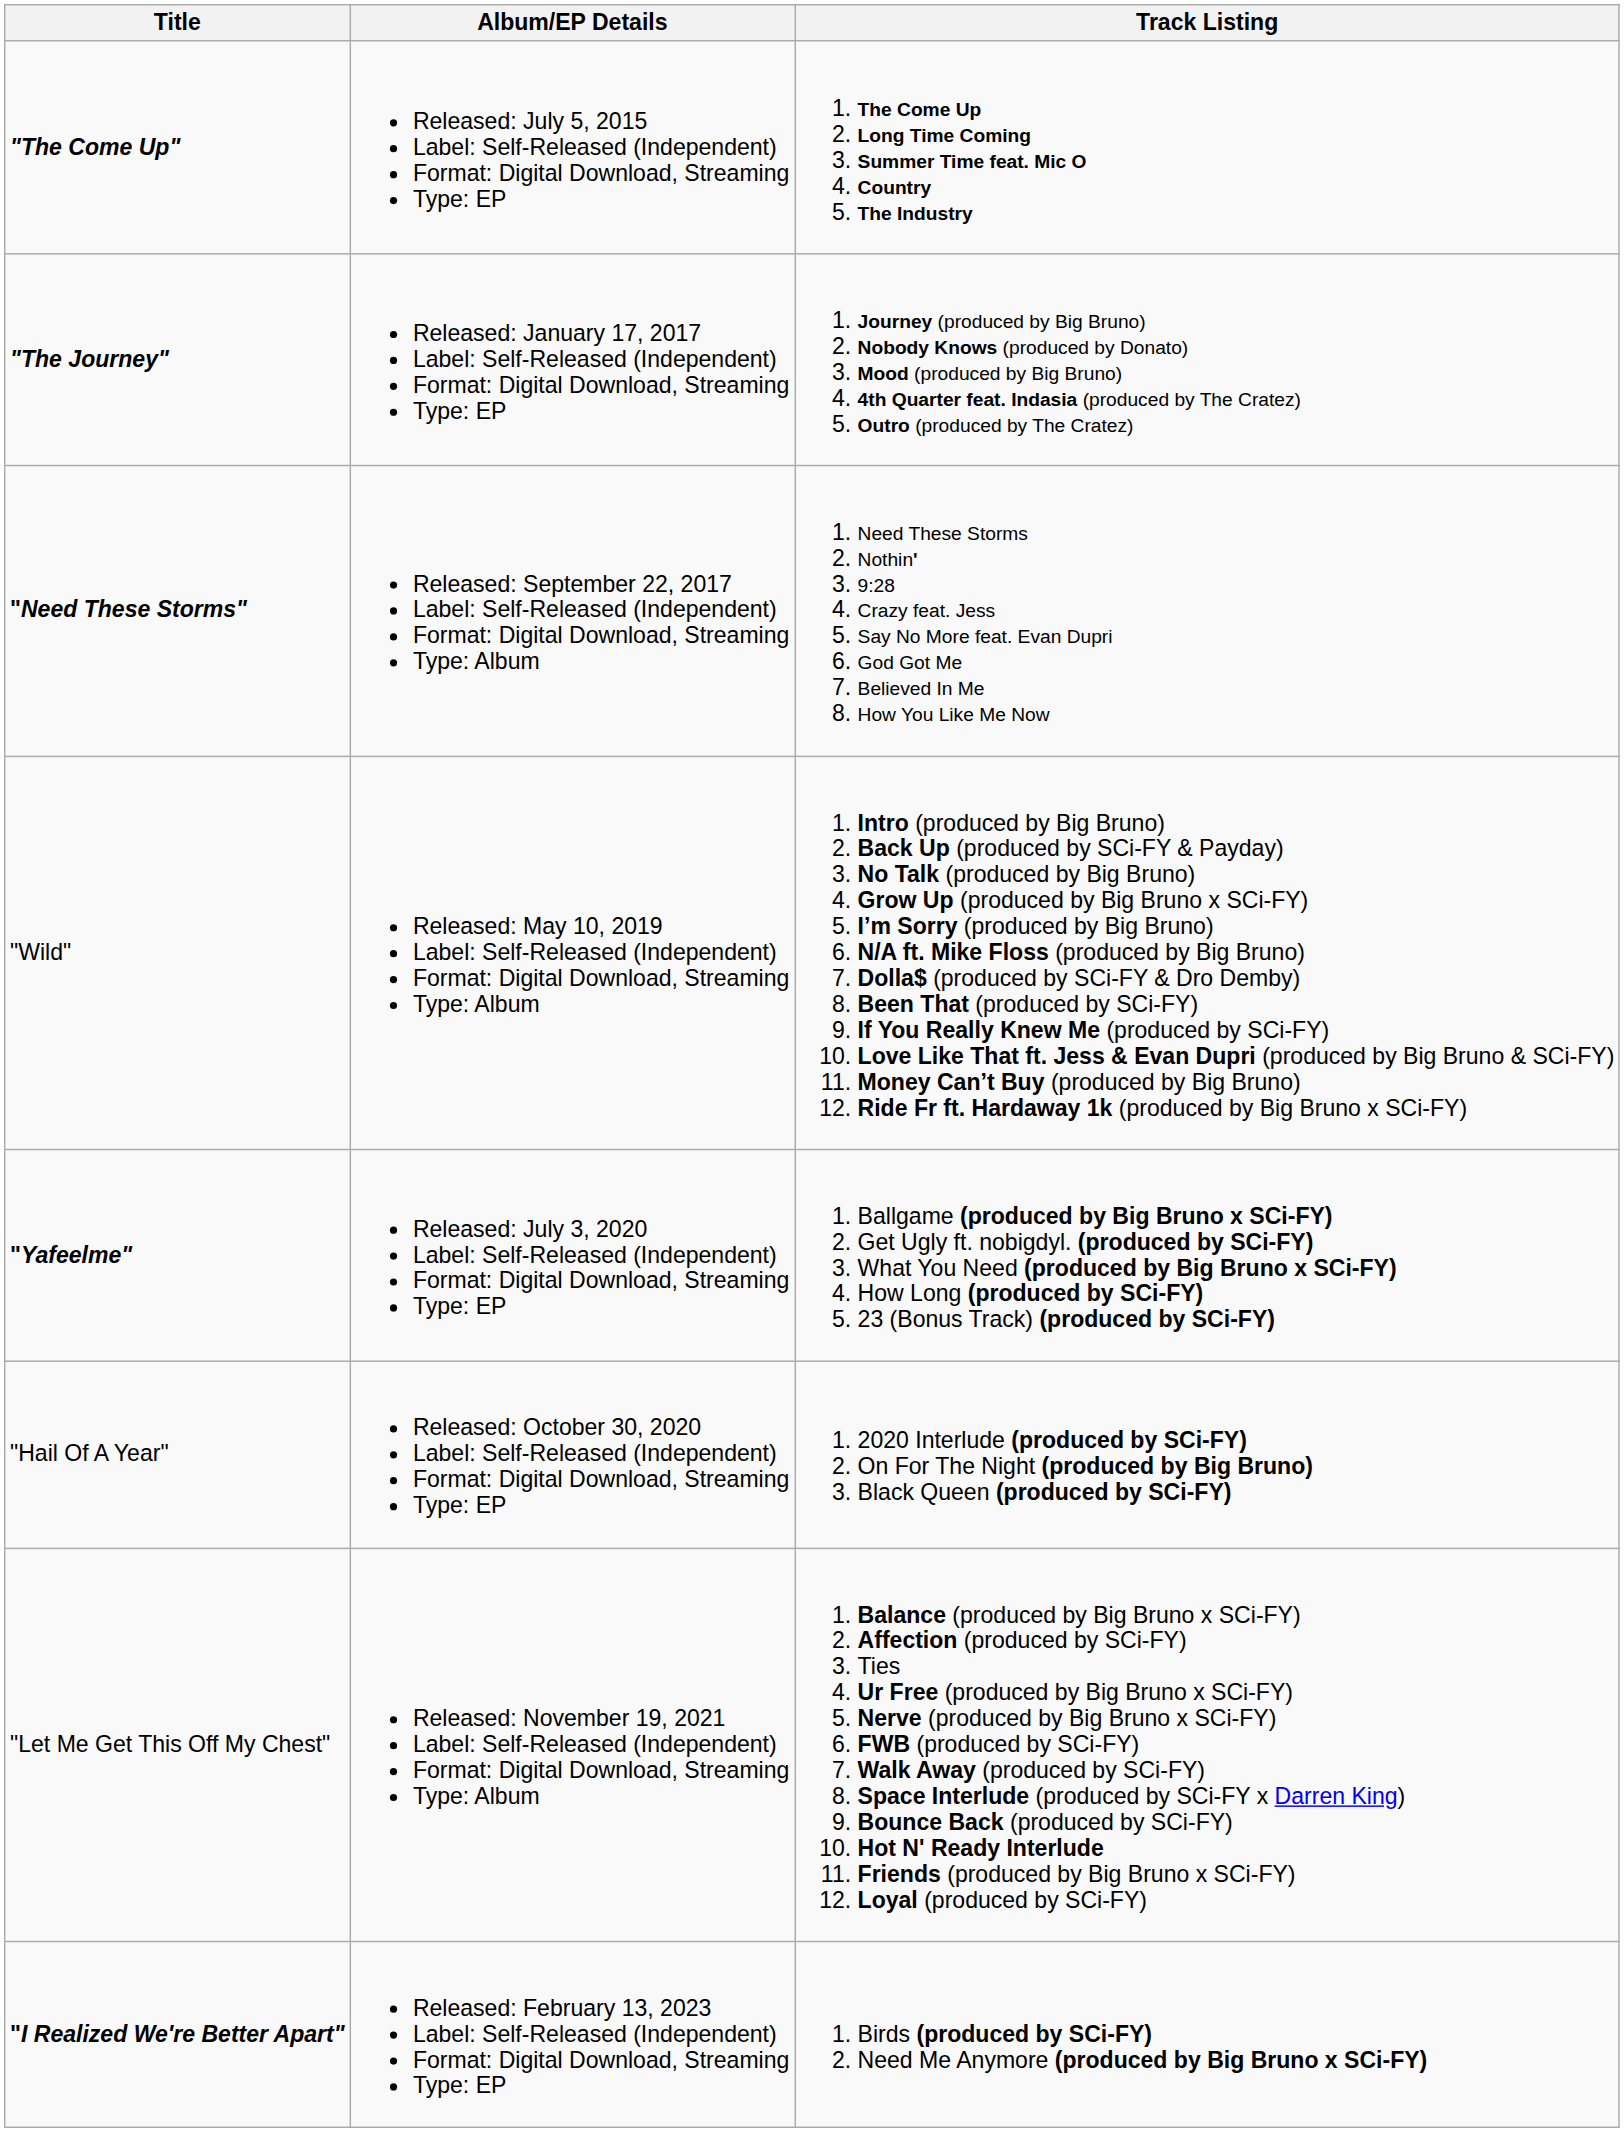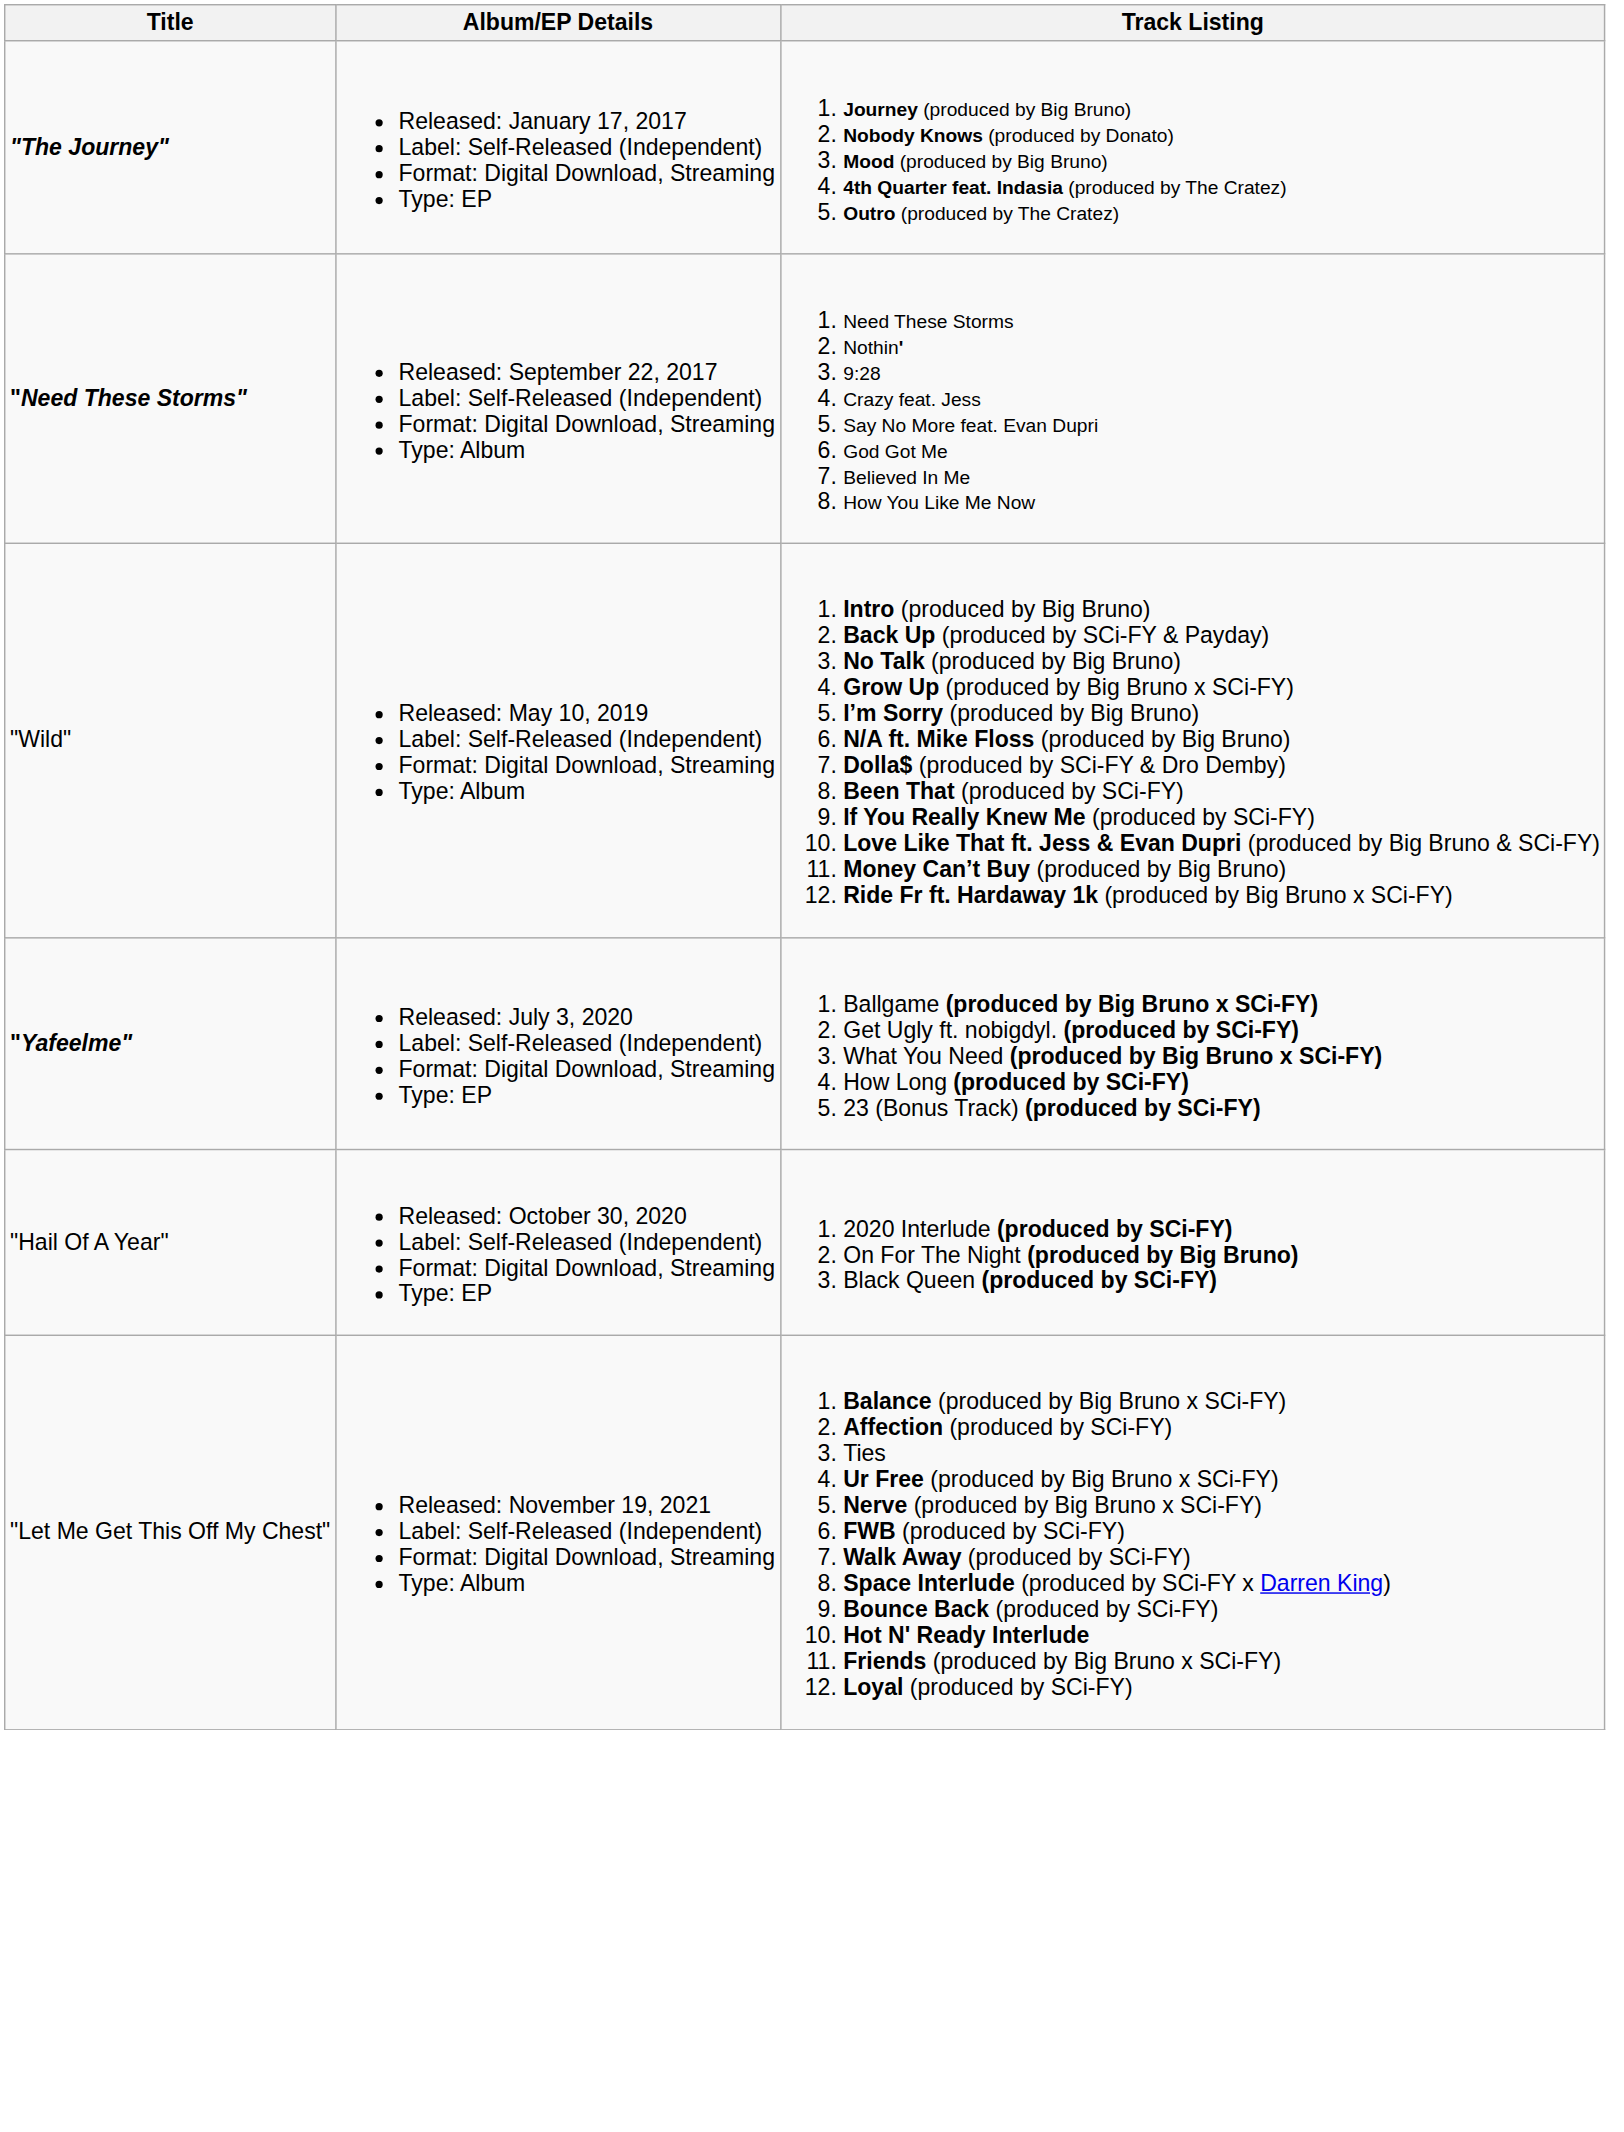 <table class="wikitable">
 <tr>
 <th>Title</th>
 <th>Album/EP Details</th>
 <th>Track Listing</th>
-</tr>
-<tr>
-<td><strong><em>"The Come Up"</em></strong></td>
-<td><br><ul><li>Released: July 5, 2015</li><li>Label: Self-Released (Independent)</li><li>Format: Digital Download, Streaming</li><li>Type: EP</li></ul></td>
-<td><br><ol><li><small><strong>The Come Up</strong></small></li><li><small><strong>Long Time Coming</strong></small></li><li><small><strong>Summer Time feat. Mic O</strong></small></li><li><small><strong>Country</strong></small></li><li><small><strong>The Industry</strong></small></li></ol></td>
 </tr>
 <tr>
 <td><strong><em>"The Journey"</em></strong></td>
 <td><br><ul><li>Released: January 17, 2017</li><li>Label: Self-Released (Independent)</li><li>Format: Digital Download, Streaming</li><li>Type: EP</li></ul></td>
 <td><br><ol><li><small><strong>Journey</strong> (produced by Big Bruno)</small></li><li><small><strong>Nobody Knows</strong> (produced by Donato)</small></li><li><small><strong>Mood</strong> (produced by Big Bruno)</small></li><li><small><strong>4th Quarter feat. Indasia</strong> (produced by The Cratez)</small></li><li><small><strong>Outro</strong> (produced by The Cratez)</small></li></ol></td>
 </tr>
 <tr>
 <td><strong>"<em>Need These Storms"<strong><em></td>
 <td><br><ul><li>Released: September 22, 2017</li><li>Label: Self-Released (Independent)</li><li>Format: Digital Download, Streaming</li><li>Type: Album</li></ul></td>
 <td><br><ol><li><small></strong>Need These Storms<strong></small></li><li><small></strong>Nothin<strong>'</small></li><li><small></strong>9:28<strong></small></li><li><small></strong>Crazy feat. Jess<strong></small></li><li><small></strong>Say No More feat. Evan Dupri<strong></small></li><li><small></strong>God Got Me<strong></small></li><li><small></strong>Believed In Me<strong></small></li><li><small></strong>How You Like Me Now<strong></small></li></ol></td>
 </tr>
 <tr>
 <td></strong>"</em>Wild"</em></strong></td>
 <td><br><ul><li>Released: May 10, 2019</li><li>Label: Self-Released (Independent)</li><li>Format: Digital Download, Streaming</li><li>Type: Album</li></ul></td>
 <td><br><ol><li><strong>Intro</strong> (produced by Big Bruno)</li><li><strong>Back Up</strong> (produced by SCi-FY & Payday)</li><li><strong>No Talk</strong> (produced by Big Bruno)</li><li><strong>Grow Up</strong> (produced by Big Bruno x SCi-FY)</li><li><strong>I’m Sorry</strong> (produced by Big Bruno)</li><li><strong>N/A ft. Mike Floss</strong> (produced by Big Bruno)</li><li><strong>Dolla$</strong> (produced by SCi-FY & Dro Demby)</li><li><strong>Been That</strong> (produced by SCi-FY)</li><li><strong>If You Really Knew Me</strong> (produced by SCi-FY)</li><li><strong>Love Like That ft. Jess & Evan Dupri</strong> (produced by Big Bruno & SCi-FY)</li><li><strong>Money Can’t Buy</strong> (produced by Big Bruno)</li><li><strong>Ride Fr ft. Hardaway 1k</strong> (produced by Big Bruno x SCi-FY)</li></ol></td>
 </tr>
 <tr>
 <td><strong>"<em>Yafeelme"<strong><em></td>
 <td><br><ul><li>Released: July 3, 2020</li><li>Label: Self-Released (Independent)</li><li>Format: Digital Download, Streaming</li><li>Type: EP</li></ul></td>
 <td><br><ol><li></strong>Ballgame<strong> (produced by Big Bruno x SCi-FY)</li><li></strong>Get Ugly ft. nobigdyl.<strong> (produced by SCi-FY)</li><li></strong>What You Need<strong> (produced by Big Bruno x SCi-FY)</li><li></strong>How Long<strong> (produced by SCi-FY)</li><li></strong>23 (Bonus Track)<strong> (produced by SCi-FY)</li></ol></td>
 </tr>
 <tr>
 <td></em></strong>"Hail Of A Year"<strong><em></td>
 <td><br><ul><li>Released: October 30, 2020</li><li>Label: Self-Released (Independent)</li><li>Format: Digital Download, Streaming</li><li>Type: EP</li></ul></td>
 <td><br><ol><li></strong>2020 Interlude<strong> (produced by SCi-FY)</li><li></strong>On For The Night<strong> (produced by Big Bruno)</li><li></strong>Black Queen<strong> (produced by SCi-FY)</li></ol></td>
 </tr>
 <tr>
 <td></strong>"</em>Let Me Get This Off My Chest"</em></strong></td>
 <td><br><ul><li>Released: November 19, 2021</li><li>Label: Self-Released (Independent)</li><li>Format: Digital Download, Streaming</li><li>Type: Album</li></ul></td>
 <td><br><ol><li><strong>Balance</strong> (produced by Big Bruno x SCi-FY)</li><li><strong>Affection</strong> (produced by SCi-FY)</li><li>Ties</li><li><strong>Ur Free</strong> (produced by Big Bruno x SCi-FY)</li><li><strong>Nerve</strong> (produced by Big Bruno x SCi-FY)</li><li><strong>FWB</strong> (produced by SCi-FY)</li><li><strong>Walk Away</strong> (produced by SCi-FY)</li><li><strong>Space Interlude</strong> (produced by SCi-FY x <a href='#'>Darren King</a>)</li><li><strong>Bounce Back</strong> (produced by SCi-FY)</li><li><strong>Hot N' Ready Interlude</strong></li><li><strong>Friends</strong> (produced by Big Bruno x SCi-FY)</li><li><strong>Loyal</strong> (produced by SCi-FY)</li></ol></td>
 </tr>
-<tr>
-<td><strong>"<em>I Realized We're Better Apart"<strong><em></td>
-<td><br><ul><li>Released: February 13, 2023</li><li>Label: Self-Released (Independent)</li><li>Format: Digital Download, Streaming</li><li>Type: EP</li></ul></td>
-<td><br><ol><li></strong>Birds<strong> (produced by SCi-FY)</li><li></strong>Need Me Anymore<strong> (produced by Big Bruno x SCi-FY)</li></ol></td>
-</tr>
 </table>
